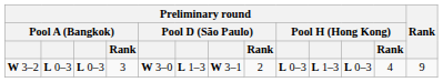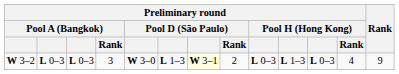 <table class="wikitable" style="font-size:100%;">
 <tr>
 <th colspan=12>Preliminary round</th>
 <th rowspan=3>Rank</th>
 </tr>
 <tr>
 <th colspan=4>Pool A (Bangkok)</th>
 <th colspan=4>Pool D (São Paulo)</th>
 <th colspan=4>Pool H (Hong Kong)</th>
 </tr>
 <tr>
 <th></th>
 <th></th>
 <th></th>
 <th>Rank</th>
 <th></th>
 <th></th>
 <th></th>
 <th>Rank</th>
 <th></th>
 <th></th>
 <th></th>
 <th>Rank</th>
 </tr>
 <tr align=center>
 <td><strong>W</strong> 3–2</td>
 <td><strong>L</strong> 0–3</td>
 <td><strong>L</strong> 0–3</td>
 <td>3</td>
 <td><strong>W</strong> 3–0</td>
 <td><strong>L</strong> 1–3</td>
-<td><strong>W</strong> 3–1</td>
+<td style="background: lightyellow;"><strong>W</strong> 3–1</td>
 <td>2</td>
 <td><strong>L</strong> 0–3</td>
 <td><strong>L</strong> 1–3</td>
 <td><strong>L</strong> 0–3</td>
 <td>4</td>
 <td>9</td>
 </tr>
 </table>
